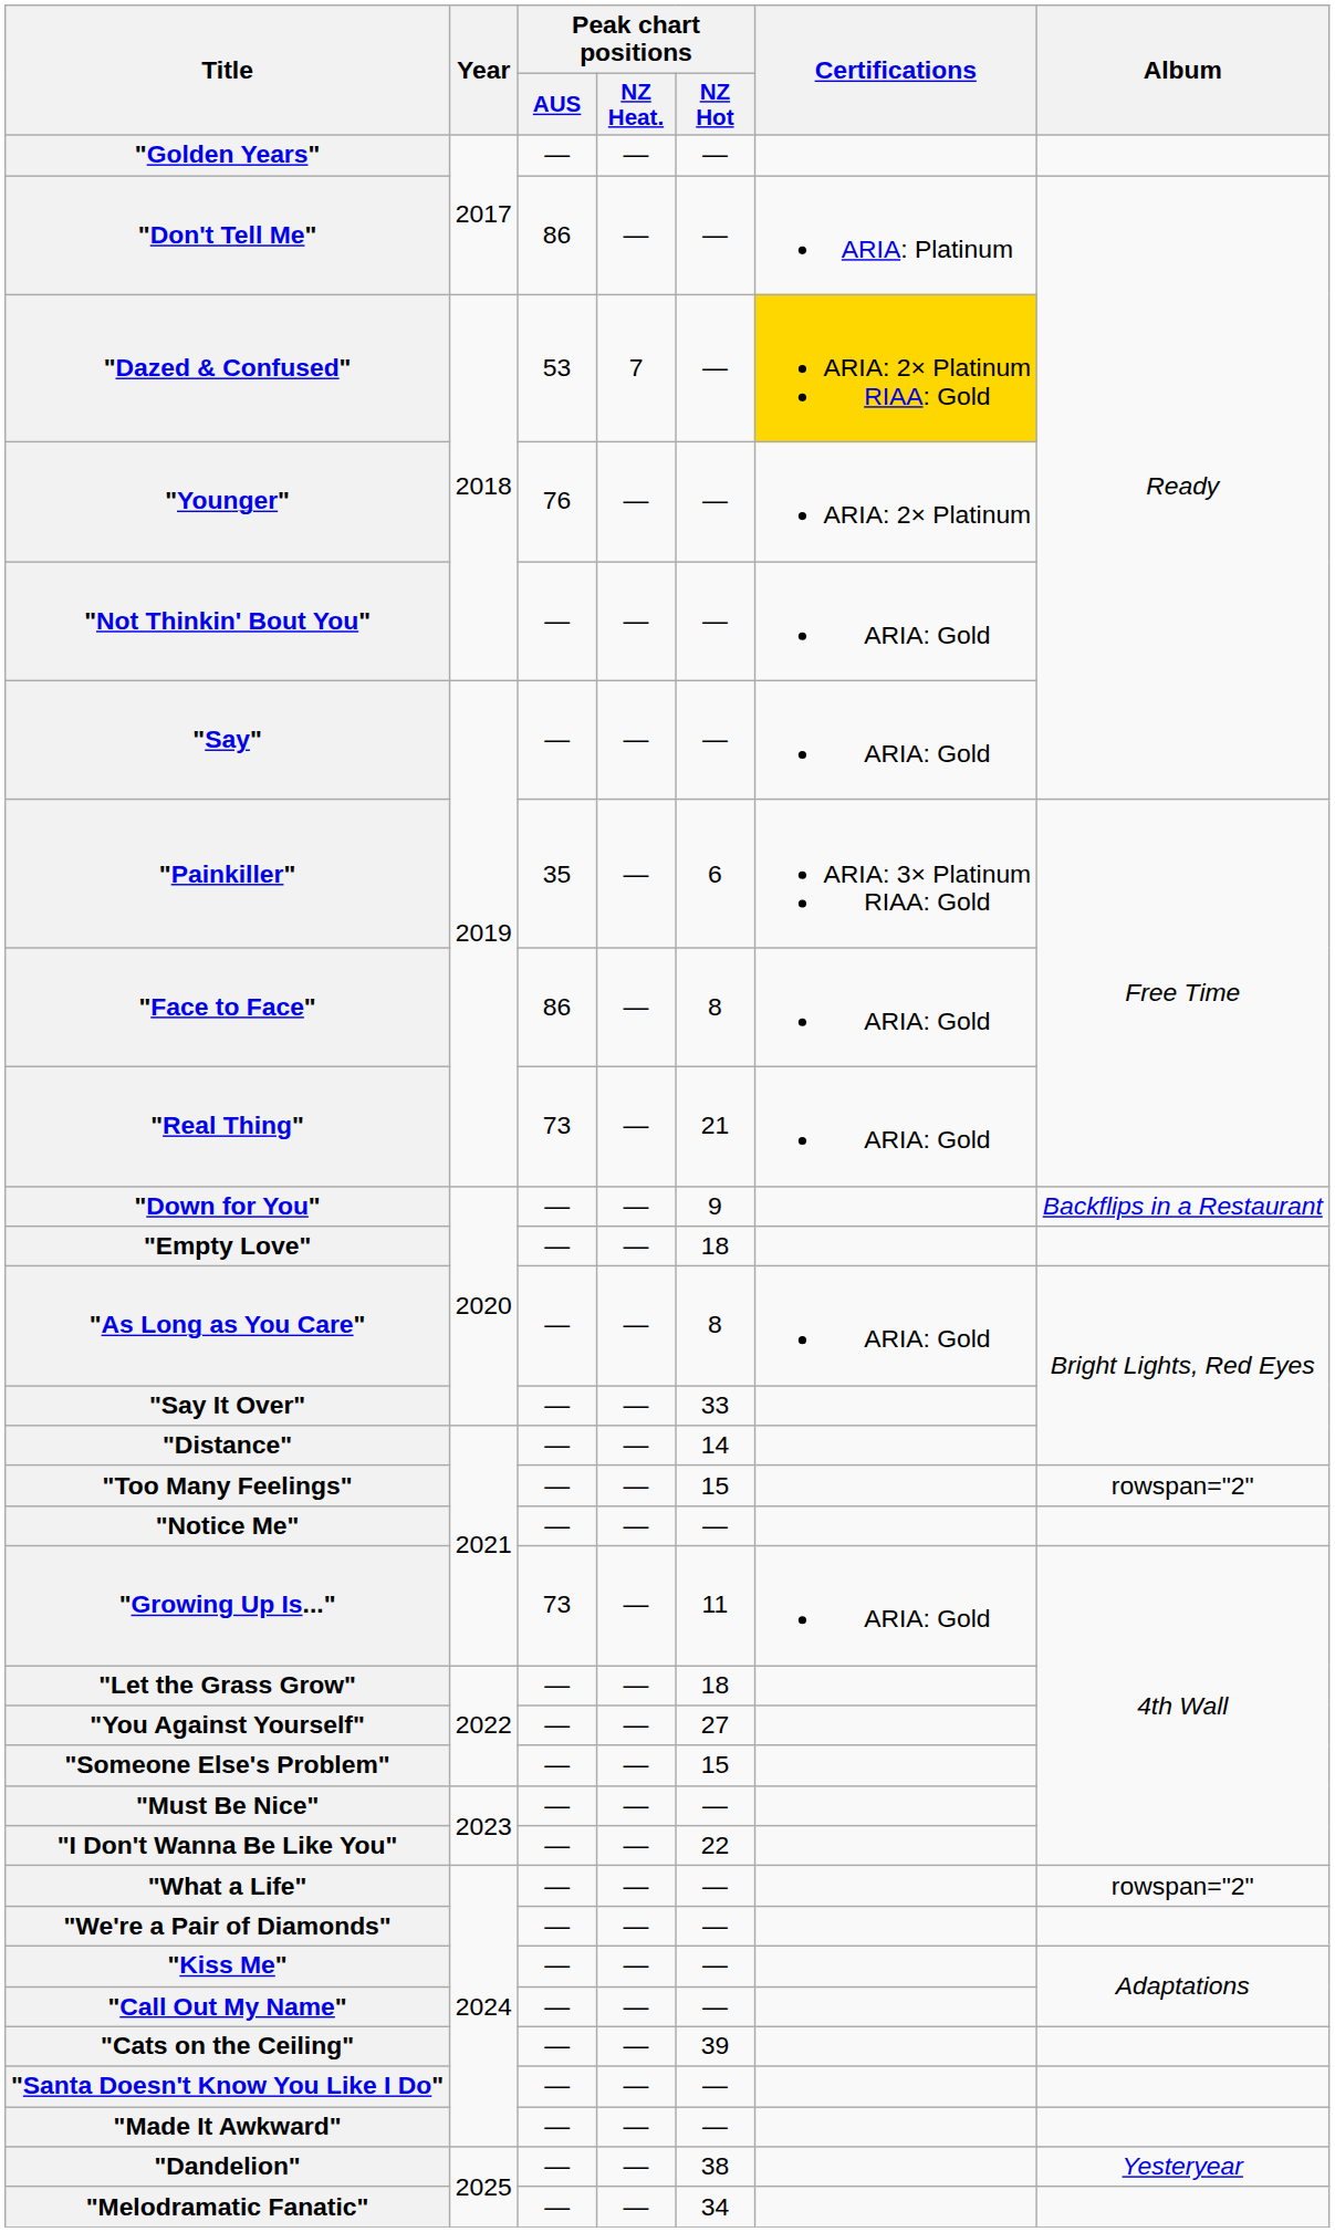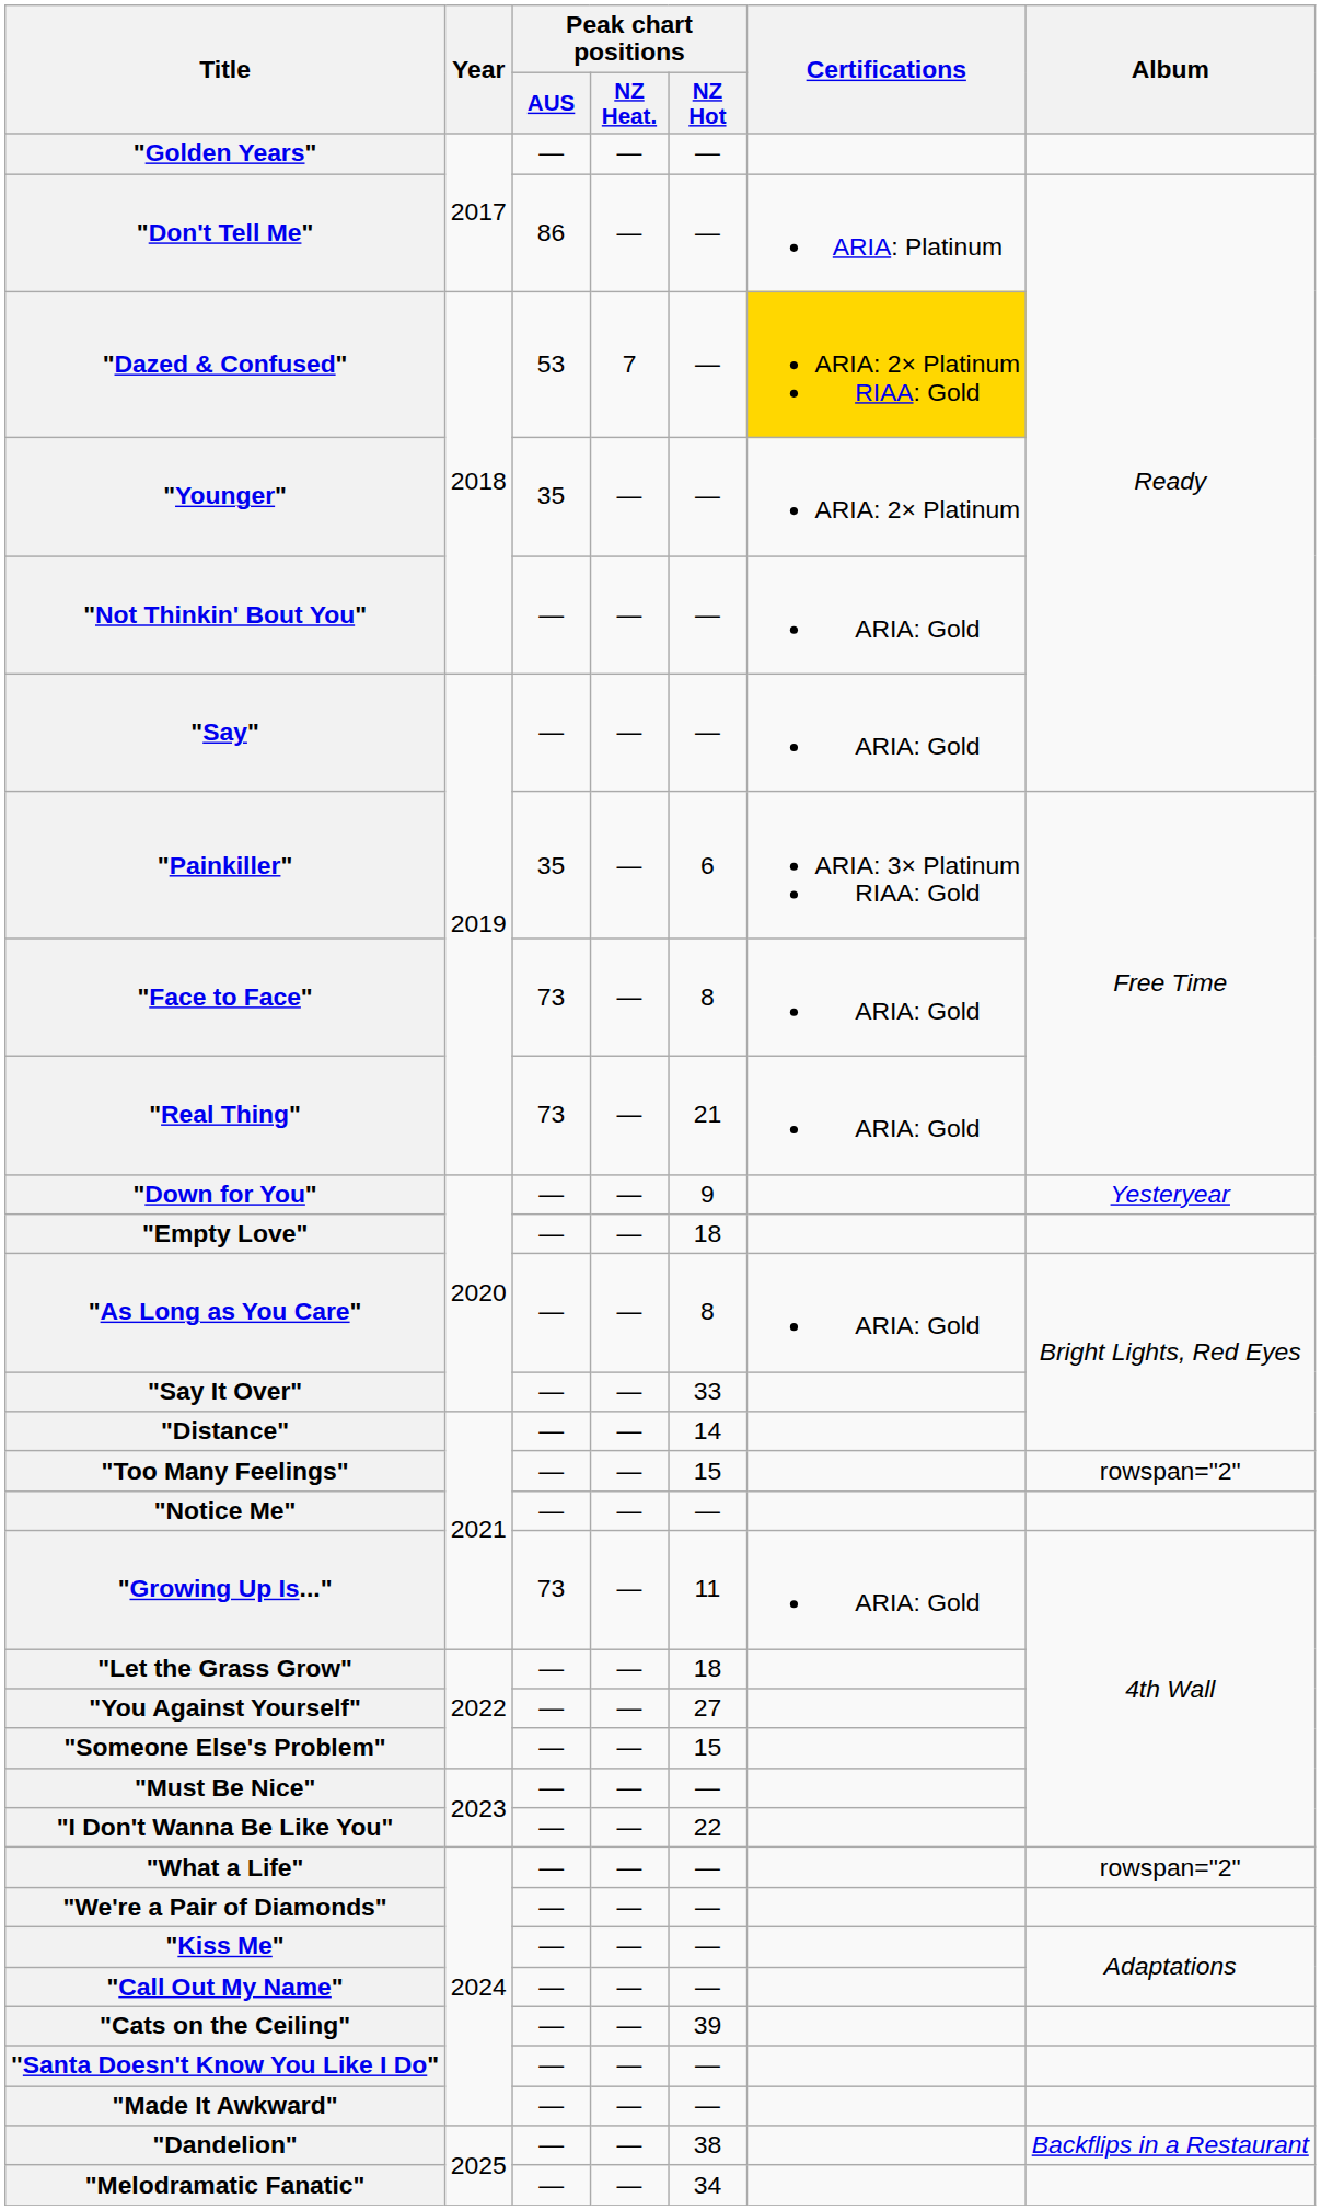 <table class="wikitable plainrowheaders" style="text-align:center;">
 <tr>
 <th scope="col" rowspan="2">Title</th>
 <th scope="col" rowspan="2">Year</th>
 <th scope="col" colspan="3">Peak chart positions</th>
 <th scope="col" rowspan="2"><a href='#'>Certifications</a></th>
 <th scope="col" rowspan="2">Album</th>
 </tr>
 <tr>
 <th scope="col" style="width:3em;font-size:90%;"><a href='#'>AUS</a><br></th>
 <th scope="col" style="width:3em;font-size:90%;"><a href='#'>NZ<br>Heat.</a><br></th>
 <th scope="col" style="width:3em;font-size:90%;"><a href='#'>NZ<br>Hot</a><br></th>
 </tr>
 <tr>
 <th scope="row">"<a href='#'>Golden Years</a>"<br></th>
 <td rowspan="2">2017</td>
 <td>—</td>
 <td>—</td>
 <td>—</td>
 <td></td>
 <td></td>
 </tr>
 <tr>
 <th scope="row">"<a href='#'>Don't Tell Me</a>"</th>
 <td>86</td>
 <td>—</td>
 <td>—</td>
 <td><br><ul><li><a href='#'>ARIA</a>: Platinum</li></ul></td>
 <td rowspan="5"><em>Ready</em></td>
 </tr>
 <tr>
 <th scope="row">"<a href='#'>Dazed & Confused</a>"</th>
 <td rowspan="3">2018</td>
 <td>53</td>
 <td>7</td>
 <td>—</td>
 <td style="background: gold;"><br><ul><li>ARIA: 2× Platinum</li><li><a href='#'>RIAA</a>: Gold</li></ul></td>
 </tr>
 <tr>
 <th scope="row">"<a href='#'>Younger</a>"</th>
-<td>76</td>
+<td>35</td>
 <td>—</td>
 <td>—</td>
 <td><br><ul><li>ARIA: 2× Platinum</li></ul></td>
 </tr>
 <tr>
 <th scope="row">"<a href='#'>Not Thinkin' Bout You</a>"<br></th>
 <td>—</td>
 <td>—</td>
 <td>—</td>
 <td><br><ul><li>ARIA: Gold</li></ul></td>
 </tr>
 <tr>
 <th scope="row">"<a href='#'>Say</a>"<br></th>
 <td rowspan="4">2019</td>
 <td>—</td>
 <td>—</td>
 <td>—</td>
 <td><br><ul><li>ARIA: Gold</li></ul></td>
 </tr>
 <tr>
 <th scope="row">"<a href='#'>Painkiller</a>"<br></th>
 <td>35</td>
 <td>—</td>
 <td>6</td>
 <td><br><ul><li>ARIA: 3× Platinum</li><li>RIAA: Gold</li></ul></td>
 <td rowspan="3"><em>Free Time</em></td>
 </tr>
 <tr>
 <th scope="row">"<a href='#'>Face to Face</a>"</th>
-<td>86</td>
+<td>73</td>
 <td>—</td>
 <td>8</td>
 <td><br><ul><li>ARIA: Gold</li></ul></td>
 </tr>
 <tr>
 <th scope="row">"<a href='#'>Real Thing</a>"</th>
 <td>73</td>
 <td>—</td>
 <td>21</td>
 <td><br><ul><li>ARIA: Gold</li></ul></td>
 </tr>
 <tr>
 <th scope="row">"<a href='#'>Down for You</a>"<br></th>
 <td rowspan="4">2020</td>
 <td>—</td>
 <td>—</td>
 <td>9</td>
 <td></td>
-<td><em><a href='#'>Backflips in a Restaurant</a></em></td>
+<td><em><a href='#'>Yesteryear</a></em></td>
 </tr>
 <tr>
 <th scope="row">"Empty Love"<br></th>
 <td>—</td>
 <td>—</td>
 <td>18</td>
 <td></td>
 <td></td>
 </tr>
 <tr>
 <th scope="row">"<a href='#'>As Long as You Care</a>"</th>
 <td>—</td>
 <td>—</td>
 <td>8</td>
 <td><br><ul><li>ARIA: Gold</li></ul></td>
 <td rowspan="3"><em>Bright Lights, Red Eyes</em></td>
 </tr>
 <tr>
 <th scope="row">"Say It Over"<br></th>
 <td>—</td>
 <td>—</td>
 <td>33</td>
 <td></td>
 </tr>
 <tr>
 <th scope="row">"Distance"</th>
 <td rowspan="4">2021</td>
 <td>—</td>
 <td>—</td>
 <td>14</td>
 <td></td>
 </tr>
 <tr>
 <th scope="row">"Too Many Feelings"</th>
 <td>—</td>
 <td>—</td>
 <td>15</td>
 <td></td>
 <td>rowspan="2" </td>
 </tr>
 <tr>
 <th scope="row">"Notice Me"<br></th>
 <td>—</td>
 <td>—</td>
 <td>—</td>
 <td></td>
 </tr>
 <tr>
 <th scope="row">"<a href='#'>Growing Up Is</a>..."</th>
 <td>73</td>
 <td>—</td>
 <td>11</td>
 <td><br><ul><li>ARIA: Gold</li></ul></td>
 <td rowspan="6"><em>4th Wall</em></td>
 </tr>
 <tr>
 <th scope="row">"Let the Grass Grow"</th>
 <td rowspan="3">2022</td>
 <td>—</td>
 <td>—</td>
 <td>18</td>
 <td></td>
 </tr>
 <tr>
 <th scope="row">"You Against Yourself"</th>
 <td>—</td>
 <td>—</td>
 <td>27</td>
 <td></td>
 </tr>
 <tr>
 <th scope="row">"Someone Else's Problem"</th>
 <td>—</td>
 <td>—</td>
 <td>15</td>
 <td></td>
 </tr>
 <tr>
 <th scope="row">"Must Be Nice"</th>
 <td rowspan="2">2023</td>
 <td>—</td>
 <td>—</td>
 <td>—</td>
 <td></td>
 </tr>
 <tr>
 <th scope="row">"I Don't Wanna Be Like You"</th>
 <td>—</td>
 <td>—</td>
 <td>22</td>
 <td></td>
 </tr>
 <tr>
 <th scope="row">"What a Life"<br></th>
 <td rowspan="7">2024</td>
 <td>—</td>
 <td>—</td>
 <td>—</td>
 <td></td>
 <td>rowspan="2" </td>
 </tr>
 <tr>
 <th scope="row">"We're a Pair of Diamonds"<br></th>
 <td>—</td>
 <td>—</td>
 <td>—</td>
 <td></td>
 </tr>
 <tr>
 <th scope="row">"<a href='#'>Kiss Me</a>"</th>
 <td>—</td>
 <td>—</td>
 <td>—</td>
 <td></td>
 <td rowspan="2"><em>Adaptations</em></td>
 </tr>
 <tr>
 <th scope="row">"<a href='#'>Call Out My Name</a>"</th>
 <td>—</td>
 <td>—</td>
 <td>—</td>
 <td></td>
 </tr>
 <tr>
 <th scope="row">"Cats on the Ceiling"</th>
 <td>—</td>
 <td>—</td>
 <td>39</td>
 <td></td>
 <td></td>
 </tr>
 <tr>
 <th scope="row">"<a href='#'>Santa Doesn't Know You Like I Do</a>"</th>
 <td>—</td>
 <td>—</td>
 <td>—</td>
 <td></td>
 <td></td>
 </tr>
 <tr>
 <th scope="row">"Made It Awkward"</th>
 <td>—</td>
 <td>—</td>
 <td>—</td>
 <td></td>
 <td></td>
 </tr>
 <tr>
 <th scope="row">"Dandelion"<br></th>
 <td rowspan="2">2025</td>
 <td>—</td>
 <td>—</td>
 <td>38</td>
 <td></td>
-<td><em><a href='#'>Yesteryear</a></em></td>
+<td><em><a href='#'>Backflips in a Restaurant</a></em></td>
 </tr>
 <tr>
 <th scope="row">"Melodramatic Fanatic"<br></th>
 <td>—</td>
 <td>—</td>
 <td>34</td>
 <td></td>
 <td></td>
 </tr>
 </table>
